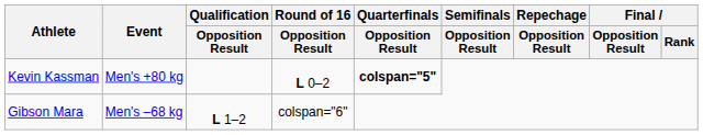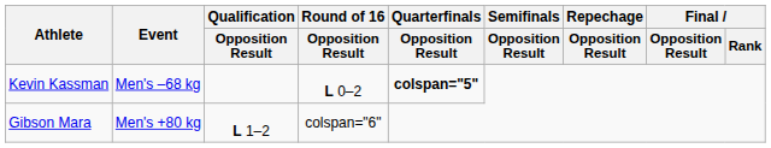 <table class=wikitable style=font-size:90%;text-align:center>
 <tr>
 <th rowspan=2>Athlete</th>
 <th rowspan=2>Event</th>
 <th>Qualification</th>
 <th>Round of 16</th>
 <th>Quarterfinals</th>
 <th>Semifinals</th>
 <th>Repechage</th>
 <th colspan=2>Final / </th>
 </tr>
 <tr style=font-size:95%>
 <th>Opposition<br>Result</th>
 <th>Opposition<br>Result</th>
 <th>Opposition<br>Result</th>
 <th>Opposition<br>Result</th>
 <th>Opposition<br>Result</th>
 <th>Opposition<br>Result</th>
 <th>Rank</th>
 </tr>
 <tr>
 <td align=left><a href='#'>Kevin Kassman</a></td>
-<td align=left><a href='#'>Men's +80 kg</a></td>
+<td align=left><a href='#'>Men's –68 kg</a></td>
 <td></td>
 <td><br><strong>L</strong> 0–2</td>
 <td><strong>colspan="5" </strong></td>
 </tr>
 <tr>
 <td align=left><a href='#'>Gibson Mara</a></td>
-<td align=left><a href='#'>Men's –68 kg</a></td>
+<td align=left><a href='#'>Men's +80 kg</a></td>
 <td><br><strong>L</strong> 1–2</td>
 <td>colspan="6" </td>
 </tr>
 </table>
